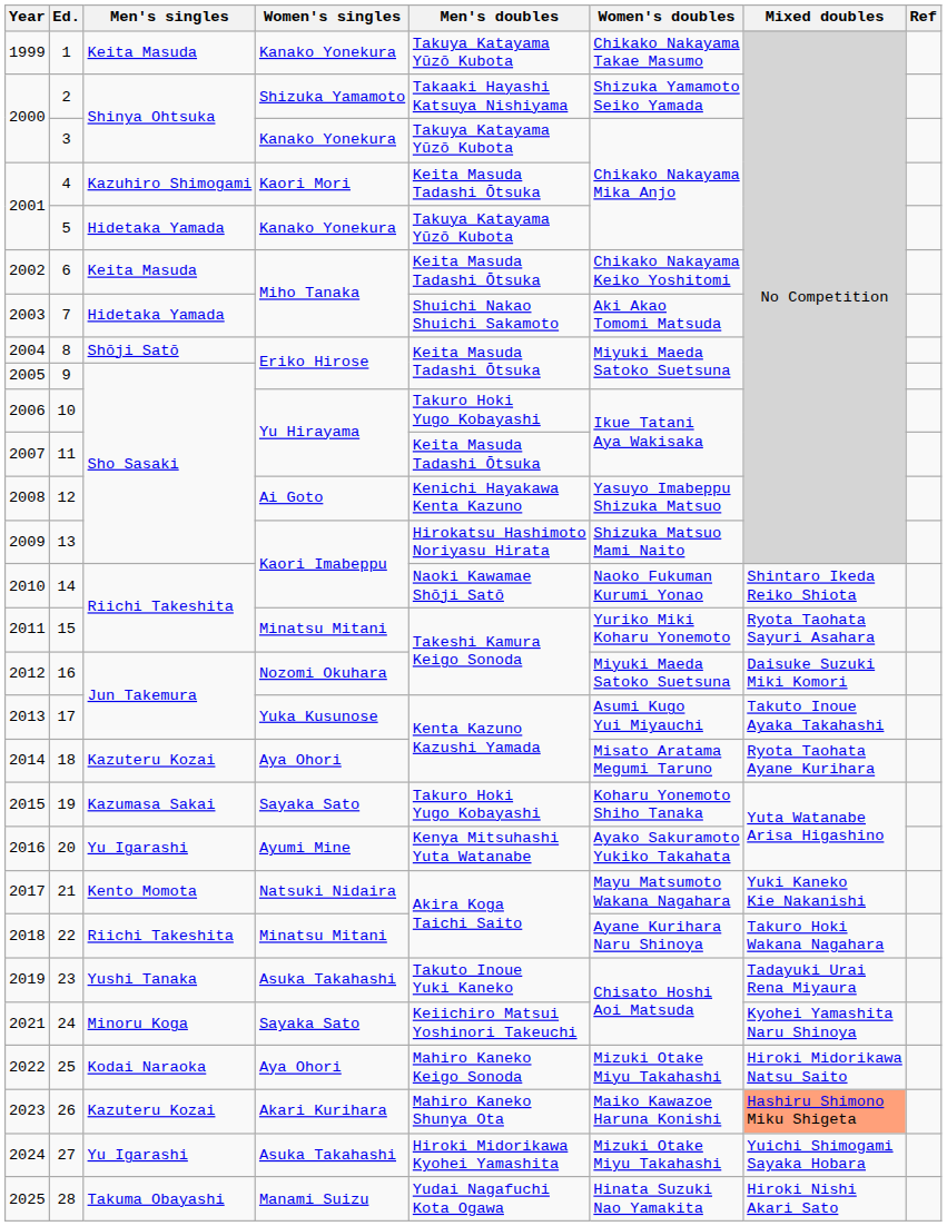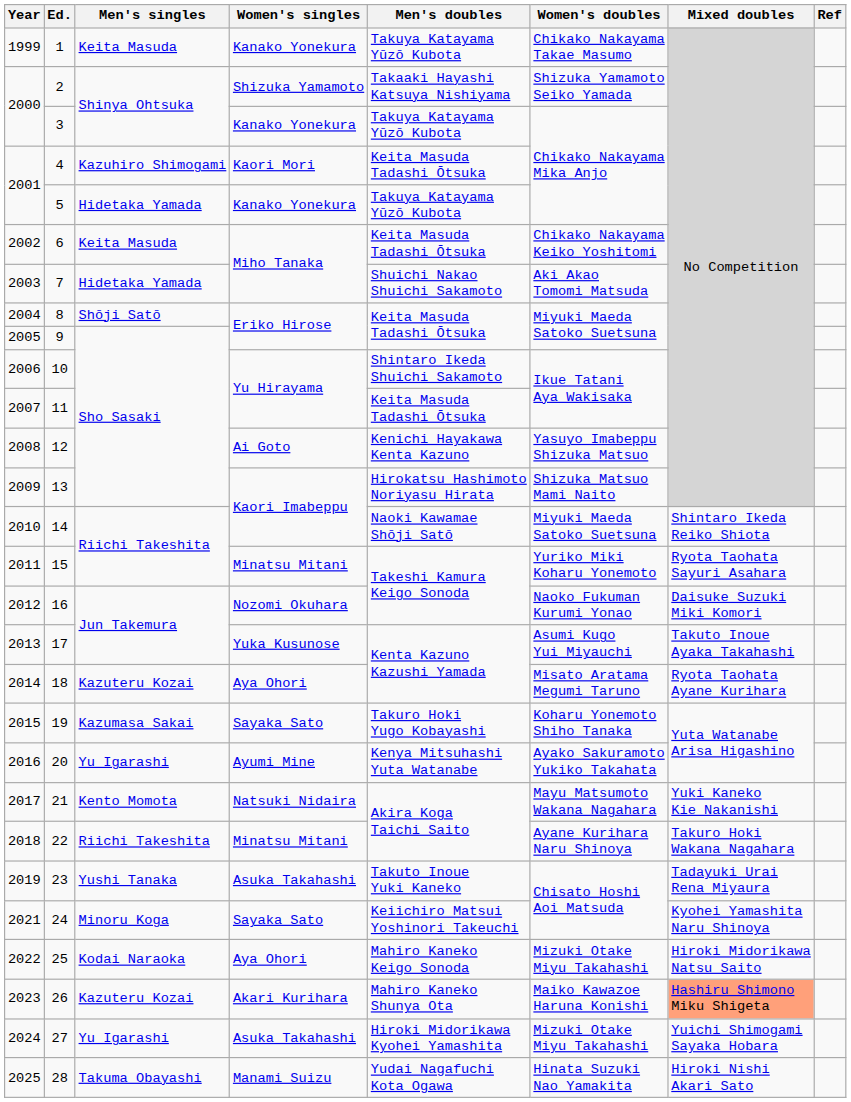 <table class=wikitable style="font-size:90%;">
 <tr>
 <th>Year</th>
 <th>Ed.</th>
 <th>Men's singles</th>
 <th>Women's singles</th>
 <th>Men's doubles</th>
 <th>Women's doubles</th>
 <th>Mixed doubles</th>
 <th>Ref</th>
 </tr>
 <tr>
 <td align="center">1999</td>
 <td align="center">1</td>
 <td><a href='#'>Keita Masuda</a></td>
 <td><a href='#'>Kanako Yonekura</a></td>
 <td><a href='#'>Takuya Katayama</a><br><a href='#'>Yūzō Kubota</a></td>
 <td><a href='#'>Chikako Nakayama</a><br><a href='#'>Takae Masumo</a></td>
 <td style="text-align:center; background:#D5D5D5" rowspan="13">No Competition</td>
 <td style="text-align:center"></td>
 </tr>
 <tr>
 <td rowspan="2" align="center">2000</td>
 <td align="center">2</td>
 <td rowspan="2"><a href='#'>Shinya Ohtsuka</a></td>
 <td><a href='#'>Shizuka Yamamoto</a></td>
 <td><a href='#'>Takaaki Hayashi</a><br><a href='#'>Katsuya Nishiyama</a></td>
 <td><a href='#'>Shizuka Yamamoto</a><br><a href='#'>Seiko Yamada</a></td>
 <td style="text-align:center"></td>
 </tr>
 <tr>
 <td align="center">3</td>
 <td><a href='#'>Kanako Yonekura</a></td>
 <td><a href='#'>Takuya Katayama</a><br><a href='#'>Yūzō Kubota</a></td>
 <td rowspan="3"><a href='#'>Chikako Nakayama</a><br><a href='#'>Mika Anjo</a></td>
 <td style="text-align:center"></td>
 </tr>
 <tr>
 <td rowspan="2" align="center">2001</td>
 <td align="center">4</td>
 <td><a href='#'>Kazuhiro Shimogami</a></td>
 <td><a href='#'>Kaori Mori</a></td>
 <td><a href='#'>Keita Masuda</a><br><a href='#'>Tadashi Ōtsuka</a></td>
 <td style="text-align:center"></td>
 </tr>
 <tr>
 <td align="center">5</td>
 <td><a href='#'>Hidetaka Yamada</a></td>
 <td><a href='#'>Kanako Yonekura</a></td>
 <td><a href='#'>Takuya Katayama</a><br><a href='#'>Yūzō Kubota</a></td>
 <td style="text-align:center"></td>
 </tr>
 <tr>
 <td align="center">2002</td>
 <td align="center">6</td>
 <td><a href='#'>Keita Masuda</a></td>
 <td rowspan="2"><a href='#'>Miho Tanaka</a></td>
 <td><a href='#'>Keita Masuda</a><br><a href='#'>Tadashi Ōtsuka</a></td>
 <td><a href='#'>Chikako Nakayama</a><br><a href='#'>Keiko Yoshitomi</a></td>
 <td style="text-align:center"></td>
 </tr>
 <tr>
 <td align="center">2003</td>
 <td align="center">7</td>
 <td><a href='#'>Hidetaka Yamada</a></td>
 <td><a href='#'>Shuichi Nakao</a><br><a href='#'>Shuichi Sakamoto</a></td>
 <td><a href='#'>Aki Akao</a><br><a href='#'>Tomomi Matsuda</a></td>
 <td style="text-align:center"></td>
 </tr>
 <tr>
 <td align="center">2004</td>
 <td align="center">8</td>
 <td><a href='#'>Shōji Satō</a></td>
 <td rowspan="2"><a href='#'>Eriko Hirose</a></td>
 <td rowspan="2"><a href='#'>Keita Masuda</a><br><a href='#'>Tadashi Ōtsuka</a></td>
 <td rowspan="2"><a href='#'>Miyuki Maeda</a><br><a href='#'>Satoko Suetsuna</a></td>
 <td style="text-align:center"></td>
 </tr>
 <tr>
 <td align="center">2005</td>
 <td align="center">9</td>
 <td rowspan="5"><a href='#'>Sho Sasaki</a></td>
 <td style="text-align:center"></td>
 </tr>
 <tr>
 <td align="center">2006</td>
 <td align="center">10</td>
 <td rowspan="2"><a href='#'>Yu Hirayama</a></td>
-<td><a href='#'>Takuro Hoki</a><br><a href='#'>Yugo Kobayashi</a></td>
+<td><a href='#'>Shintaro Ikeda</a><br><a href='#'>Shuichi Sakamoto</a></td>
 <td rowspan="2"><a href='#'>Ikue Tatani</a><br><a href='#'>Aya Wakisaka</a></td>
 <td style="text-align:center"></td>
 </tr>
 <tr>
 <td align="center">2007</td>
 <td align="center">11</td>
 <td><a href='#'>Keita Masuda</a><br><a href='#'>Tadashi Ōtsuka</a></td>
 <td style="text-align:center"></td>
 </tr>
 <tr>
 <td align="center">2008</td>
 <td align="center">12</td>
 <td><a href='#'>Ai Goto</a></td>
 <td><a href='#'>Kenichi Hayakawa</a><br><a href='#'>Kenta Kazuno</a></td>
 <td><a href='#'>Yasuyo Imabeppu</a><br><a href='#'>Shizuka Matsuo</a></td>
 <td style="text-align:center"></td>
 </tr>
 <tr>
 <td align="center">2009</td>
 <td align="center">13</td>
 <td rowspan="2"><a href='#'>Kaori Imabeppu</a></td>
 <td><a href='#'>Hirokatsu Hashimoto</a><br><a href='#'>Noriyasu Hirata</a></td>
 <td><a href='#'>Shizuka Matsuo</a><br><a href='#'>Mami Naito</a></td>
 <td style="text-align:center"></td>
 </tr>
 <tr>
 <td align="center">2010</td>
 <td align="center">14</td>
 <td rowspan="2"><a href='#'>Riichi Takeshita</a></td>
 <td><a href='#'>Naoki Kawamae</a><br><a href='#'>Shōji Satō</a></td>
-<td><a href='#'>Naoko Fukuman</a><br><a href='#'>Kurumi Yonao</a></td>
+<td><a href='#'>Miyuki Maeda</a><br><a href='#'>Satoko Suetsuna</a></td>
 <td><a href='#'>Shintaro Ikeda</a><br><a href='#'>Reiko Shiota</a></td>
 <td style="text-align:center"></td>
 </tr>
 <tr>
 <td align="center">2011</td>
 <td align="center">15</td>
 <td><a href='#'>Minatsu Mitani</a></td>
 <td rowspan="2"><a href='#'>Takeshi Kamura</a><br><a href='#'>Keigo Sonoda</a></td>
 <td><a href='#'>Yuriko Miki</a><br><a href='#'>Koharu Yonemoto</a></td>
 <td><a href='#'>Ryota Taohata</a><br><a href='#'>Sayuri Asahara</a></td>
 <td style="text-align:center"></td>
 </tr>
 <tr>
 <td align="center">2012</td>
 <td align="center">16</td>
 <td rowspan="2"><a href='#'>Jun Takemura</a></td>
 <td><a href='#'>Nozomi Okuhara</a></td>
-<td><a href='#'>Miyuki Maeda</a><br><a href='#'>Satoko Suetsuna</a></td>
+<td><a href='#'>Naoko Fukuman</a><br><a href='#'>Kurumi Yonao</a></td>
 <td><a href='#'>Daisuke Suzuki</a><br><a href='#'>Miki Komori</a></td>
 <td style="text-align:center"></td>
 </tr>
 <tr>
 <td align="center">2013</td>
 <td align="center">17</td>
 <td><a href='#'>Yuka Kusunose</a></td>
 <td rowspan="2"><a href='#'>Kenta Kazuno</a><br><a href='#'>Kazushi Yamada</a></td>
 <td><a href='#'>Asumi Kugo</a><br><a href='#'>Yui Miyauchi</a></td>
 <td><a href='#'>Takuto Inoue</a><br><a href='#'>Ayaka Takahashi</a></td>
 <td style="text-align:center"></td>
 </tr>
 <tr>
 <td align="center">2014</td>
 <td align="center">18</td>
 <td><a href='#'>Kazuteru Kozai</a></td>
 <td><a href='#'>Aya Ohori</a></td>
 <td><a href='#'>Misato Aratama</a><br><a href='#'>Megumi Taruno</a></td>
 <td><a href='#'>Ryota Taohata</a><br><a href='#'>Ayane Kurihara</a></td>
 <td style="text-align:center"></td>
 </tr>
 <tr>
 <td align="center">2015</td>
 <td align="center">19</td>
 <td><a href='#'>Kazumasa Sakai</a></td>
 <td><a href='#'>Sayaka Sato</a></td>
 <td><a href='#'>Takuro Hoki</a><br><a href='#'>Yugo Kobayashi</a></td>
 <td><a href='#'>Koharu Yonemoto</a><br><a href='#'>Shiho Tanaka</a></td>
 <td rowspan="2"><a href='#'>Yuta Watanabe</a><br><a href='#'>Arisa Higashino</a></td>
 <td style="text-align:center"></td>
 </tr>
 <tr>
 <td align="center">2016</td>
 <td align="center">20</td>
 <td><a href='#'>Yu Igarashi</a></td>
 <td><a href='#'>Ayumi Mine</a></td>
 <td><a href='#'>Kenya Mitsuhashi</a><br><a href='#'>Yuta Watanabe</a></td>
 <td><a href='#'>Ayako Sakuramoto</a><br><a href='#'>Yukiko Takahata</a></td>
 <td style="text-align:center"></td>
 </tr>
 <tr>
 <td align="center">2017</td>
 <td align="center">21</td>
 <td><a href='#'>Kento Momota</a></td>
 <td><a href='#'>Natsuki Nidaira</a></td>
 <td rowspan="2"><a href='#'>Akira Koga</a><br><a href='#'>Taichi Saito</a></td>
 <td><a href='#'>Mayu Matsumoto</a><br><a href='#'>Wakana Nagahara</a></td>
 <td><a href='#'>Yuki Kaneko</a><br><a href='#'>Kie Nakanishi</a></td>
 <td style="text-align:center"></td>
 </tr>
 <tr>
 <td align="center">2018</td>
 <td align="center">22</td>
 <td><a href='#'>Riichi Takeshita</a></td>
 <td><a href='#'>Minatsu Mitani</a></td>
 <td><a href='#'>Ayane Kurihara</a><br><a href='#'>Naru Shinoya</a></td>
 <td><a href='#'>Takuro Hoki</a><br><a href='#'>Wakana Nagahara</a></td>
 <td style="text-align:center"></td>
 </tr>
 <tr>
 <td align="center">2019</td>
 <td align="center">23</td>
 <td><a href='#'>Yushi Tanaka</a></td>
 <td><a href='#'>Asuka Takahashi</a></td>
 <td><a href='#'>Takuto Inoue</a><br><a href='#'>Yuki Kaneko</a></td>
 <td rowspan="2"><a href='#'>Chisato Hoshi</a><br><a href='#'>Aoi Matsuda</a></td>
 <td><a href='#'>Tadayuki Urai</a><br><a href='#'>Rena Miyaura</a></td>
 <td style="text-align:center"></td>
 </tr>
 <tr>
 <td align="center">2021</td>
 <td align="center">24</td>
 <td><a href='#'>Minoru Koga</a></td>
 <td><a href='#'>Sayaka Sato</a></td>
 <td><a href='#'>Keiichiro Matsui</a><br><a href='#'>Yoshinori Takeuchi</a></td>
 <td><a href='#'>Kyohei Yamashita</a><br><a href='#'>Naru Shinoya</a></td>
 <td style="text-align:center"></td>
 </tr>
 <tr>
 <td align="center">2022</td>
 <td align="center">25</td>
 <td><a href='#'>Kodai Naraoka</a></td>
 <td><a href='#'>Aya Ohori</a></td>
 <td><a href='#'>Mahiro Kaneko</a><br><a href='#'>Keigo Sonoda</a></td>
 <td><a href='#'>Mizuki Otake</a><br><a href='#'>Miyu Takahashi</a></td>
 <td><a href='#'>Hiroki Midorikawa</a><br><a href='#'>Natsu Saito</a></td>
 <td style="text-align:center"></td>
 </tr>
 <tr>
 <td align="center">2023</td>
 <td align="center">26</td>
 <td><a href='#'>Kazuteru Kozai</a></td>
 <td><a href='#'>Akari Kurihara</a></td>
 <td><a href='#'>Mahiro Kaneko</a><br><a href='#'>Shunya Ota</a></td>
 <td><a href='#'>Maiko Kawazoe</a><br><a href='#'>Haruna Konishi</a></td>
 <td style="background: lightsalmon;"><a href='#'>Hashiru Shimono</a><br>Miku Shigeta</td>
 <td style="text-align:center"></td>
 </tr>
 <tr>
 <td align="center">2024</td>
 <td align="center">27</td>
 <td><a href='#'>Yu Igarashi</a></td>
 <td><a href='#'>Asuka Takahashi</a></td>
 <td><a href='#'>Hiroki Midorikawa</a><br><a href='#'>Kyohei Yamashita</a></td>
 <td><a href='#'>Mizuki Otake</a><br><a href='#'>Miyu Takahashi</a></td>
 <td><a href='#'>Yuichi Shimogami</a><br><a href='#'>Sayaka Hobara</a></td>
 <td style="text-align:center"></td>
 </tr>
 <tr>
 <td align="center">2025</td>
 <td align="center">28</td>
 <td><a href='#'>Takuma Obayashi</a></td>
 <td><a href='#'>Manami Suizu</a></td>
 <td><a href='#'>Yudai Nagafuchi</a><br><a href='#'>Kota Ogawa</a></td>
 <td><a href='#'>Hinata Suzuki</a><br><a href='#'>Nao Yamakita</a></td>
 <td><a href='#'>Hiroki Nishi</a><br><a href='#'>Akari Sato</a></td>
 <td style="text-align:center"></td>
 </tr>
 </table>
